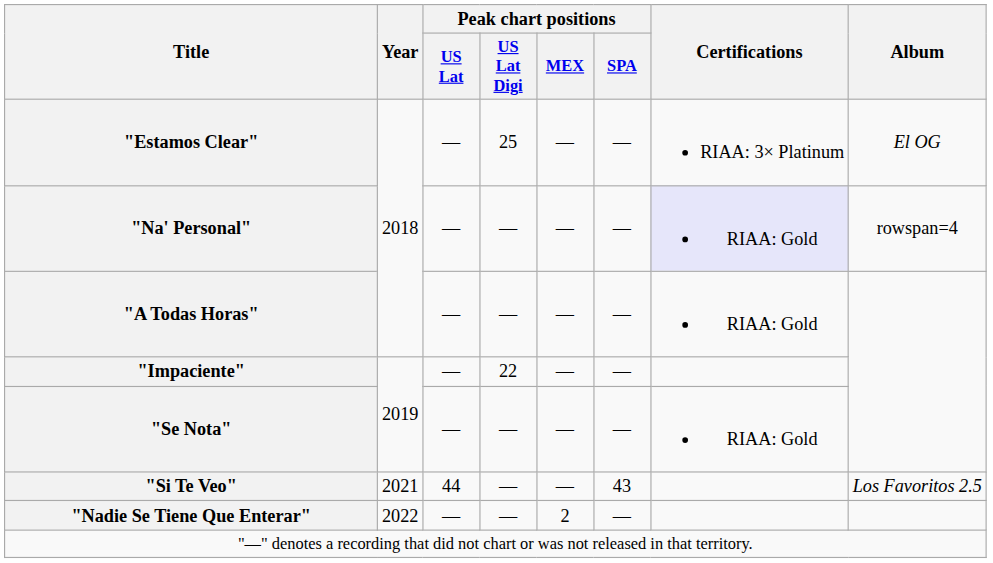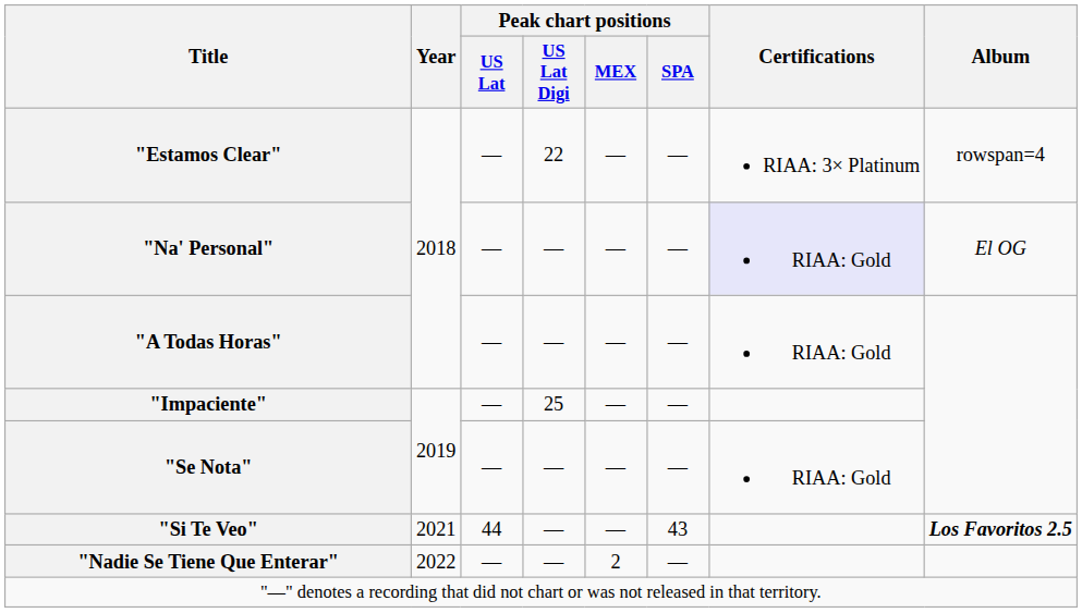 <table class="wikitable plainrowheaders" style="text-align:center;">
 <tr>
 <th scope="col" rowspan="2" style="width:20em;">Title</th>
 <th scope="col" rowspan="2">Year</th>
 <th scope="col" colspan="4">Peak chart positions</th>
 <th scope="col" rowspan="2">Certifications</th>
 <th scope="col" rowspan="2">Album</th>
 </tr>
 <tr>
 <th scope="col" style="width:3em;font-size:90%;"><a href='#'>US<br>Lat</a><br></th>
 <th scope="col" style="width:3em;font-size:90%;"><a href='#'>US<br>Lat<br>Digi</a><br></th>
 <th scope="col" style="width:3em;font-size:90%;"><a href='#'>MEX</a><br></th>
 <th scope="col" style="width:3em;font-size:90%;"><a href='#'>SPA</a><br></th>
 </tr>
 <tr>
 <th scope="row">"Estamos Clear"<br></th>
 <td rowspan=3>2018</td>
 <td>—</td>
-<td>25</td>
+<td>22</td>
 <td>—</td>
 <td>—</td>
 <td><br><ul><li>RIAA: 3× Platinum </li></ul></td>
-<td><em>El OG</em></td>
+<td>rowspan=4 </td>
 </tr>
 <tr>
 <th scope="row">"Na' Personal"<br></th>
 <td>—</td>
 <td>—</td>
 <td>—</td>
 <td>—</td>
 <td style="background: lavender;"><br><ul><li>RIAA: Gold </li></ul></td>
-<td>rowspan=4 </td>
+<td><em>El OG</em></td>
 </tr>
 <tr>
 <th scope="row">"A Todas Horas"<br></th>
 <td>—</td>
 <td>—</td>
 <td>—</td>
 <td>—</td>
 <td><br><ul><li>RIAA: Gold </li></ul></td>
 </tr>
 <tr>
 <th scope="row">"Impaciente"<br></th>
 <td rowspan=2>2019</td>
 <td>—</td>
-<td>22</td>
+<td>25</td>
 <td>—</td>
 <td>—</td>
 <td></td>
 </tr>
 <tr>
 <th scope="row">"Se Nota"<br></th>
 <td>—</td>
 <td>—</td>
 <td>—</td>
 <td>—</td>
 <td><br><ul><li>RIAA: Gold </li></ul></td>
 </tr>
 <tr>
 <th scope="row">"Si Te Veo"<br></th>
 <td>2021</td>
 <td>44</td>
 <td>—</td>
 <td>—</td>
 <td>43</td>
 <td></td>
-<td><em>Los Favoritos 2.5</em></td>
+<td><strong><em>Los Favoritos 2.5</em></strong></td>
 </tr>
 <tr>
 <th scope="row">"Nadie Se Tiene Que Enterar"<br></th>
 <td>2022</td>
 <td>—</td>
 <td>—</td>
 <td>2</td>
 <td>—</td>
 <td></td>
 <td></td>
 </tr>
 <tr>
 <td colspan="15" style="font-size:90%">"—" denotes a recording that did not chart or was not released in that territory.</td>
 </tr>
 </table>
